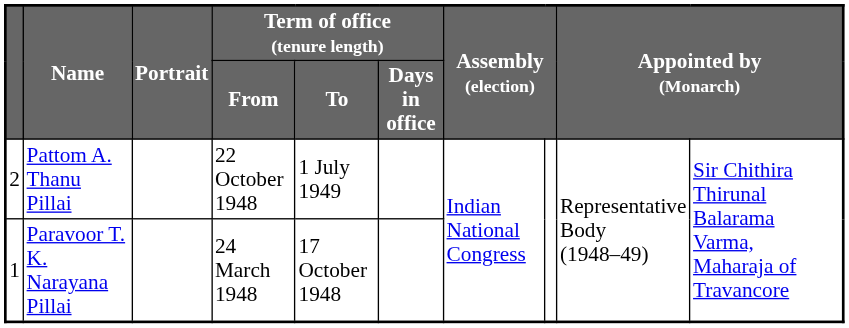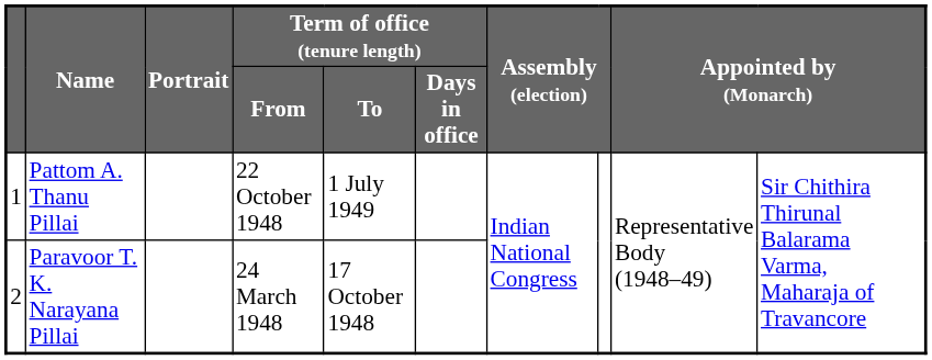 <table class="sortable" cellpadding="2" cellspacing="0" border="1" style="width:50%; border-collapse:collapse; border:2px #000 solid; font-size:x-big;">
 <tr>
 <th style="background:#666; color:white;" rowspan="2"></th>
 <th ! style="background:#666; color:white;" rowspan="2">Name</th>
 <th style="background:#666; color:white;" rowspan="2">Portrait</th>
 <th style="background:#666; color:white;" colspan="3">Term of office<br><small>(tenure length)</small></th>
 <th style="background:#666; color:white;" rowspan="2" colspan="2">Assembly<br><small>(election)</small></th>
 <th style="background:#666; color:white;" rowspan="2" colspan="2">Appointed by<br><small>(Monarch)</small></th>
 </tr>
 <tr>
 <th style="background:#666; color:white;">From</th>
 <th style="background:#666; color:white;">To</th>
 <th style="background:#666; color:white;">Days in office</th>
 </tr>
 <tr style="height: 60px;">
-<td>2</td>
+<td>1</td>
 <td><a href='#'>Pattom A. Thanu Pillai</a></td>
 <td></td>
 <td>22 October 1948</td>
 <td>1 July 1949</td>
 <td></td>
 <td rowspan=2><a href='#'>Indian National Congress</a></td>
 <td rowspan=2 width="4px" style="background-color: "></td>
 <td rowspan="2">Representative<br>Body<br>(1948–49)</td>
 <td rowspan="2"><a href='#'>Sir Chithira Thirunal Balarama Varma, Maharaja of Travancore</a></td>
 </tr>
 <tr style="height: 60px;">
-<td>1</td>
+<td>2</td>
 <td><a href='#'>Paravoor T. K. Narayana Pillai</a></td>
 <td></td>
 <td>24 March 1948</td>
 <td>17 October 1948</td>
 <td></td>
 </tr>
 </table>
